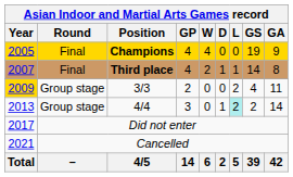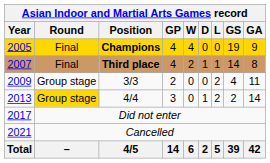 <table class="wikitable" style="text-align: center;font-size:90%;">
 <tr>
 <th colspan=9><a href='#'>Asian Indoor and Martial Arts Games</a> record</th>
 </tr>
 <tr>
 <th>Year</th>
 <th>Round</th>
 <th>Position</th>
 <th>GP</th>
 <th>W</th>
 <th>D</th>
 <th>L</th>
 <th>GS</th>
 <th>GA</th>
 </tr>
 <tr style="background:gold;">
 <td> <a href='#'>2005</a></td>
 <td>Final</td>
 <td><strong>Champions</strong></td>
 <td>4</td>
 <td>4</td>
 <td>0</td>
 <td>0</td>
 <td>19</td>
 <td>9</td>
 </tr>
 <tr style="background:#c96;">
 <td> <a href='#'>2007</a></td>
 <td>Final</td>
 <td><strong>Third place</strong></td>
 <td>4</td>
 <td>2</td>
 <td>1</td>
 <td>1</td>
 <td>14</td>
 <td>8</td>
 </tr>
 <tr>
-<td style="background: gold;"> <a href='#'>2009</a></td>
+<td> <a href='#'>2009</a></td>
 <td>Group stage</td>
 <td>3/3</td>
 <td>2</td>
 <td>0</td>
 <td>0</td>
 <td>2</td>
 <td>4</td>
 <td>11</td>
 </tr>
 <tr>
 <td> <a href='#'>2013</a></td>
-<td>Group stage</td>
+<td style="background: gold;">Group stage</td>
 <td>4/4</td>
 <td>3</td>
 <td>0</td>
 <td>1</td>
-<td style="background: paleturquoise;">2</td>
+<td>2</td>
 <td>2</td>
 <td>14</td>
 </tr>
 <tr>
 <td> <a href='#'>2017</a></td>
 <td colspan=8><em>Did not enter</em></td>
 </tr>
 <tr>
 <td> <a href='#'>2021</a></td>
 <td colspan=8><em>Cancelled</em></td>
 </tr>
 <tr>
 <th><strong>Total</strong></th>
 <th>–</th>
 <th><strong>4/5</strong></th>
 <th><strong>14</strong></th>
 <th><strong>6</strong></th>
 <th><strong>2</strong></th>
 <th><strong>5</strong></th>
 <th><strong>39</strong></th>
 <th><strong>42</strong></th>
 </tr>
 </table>
